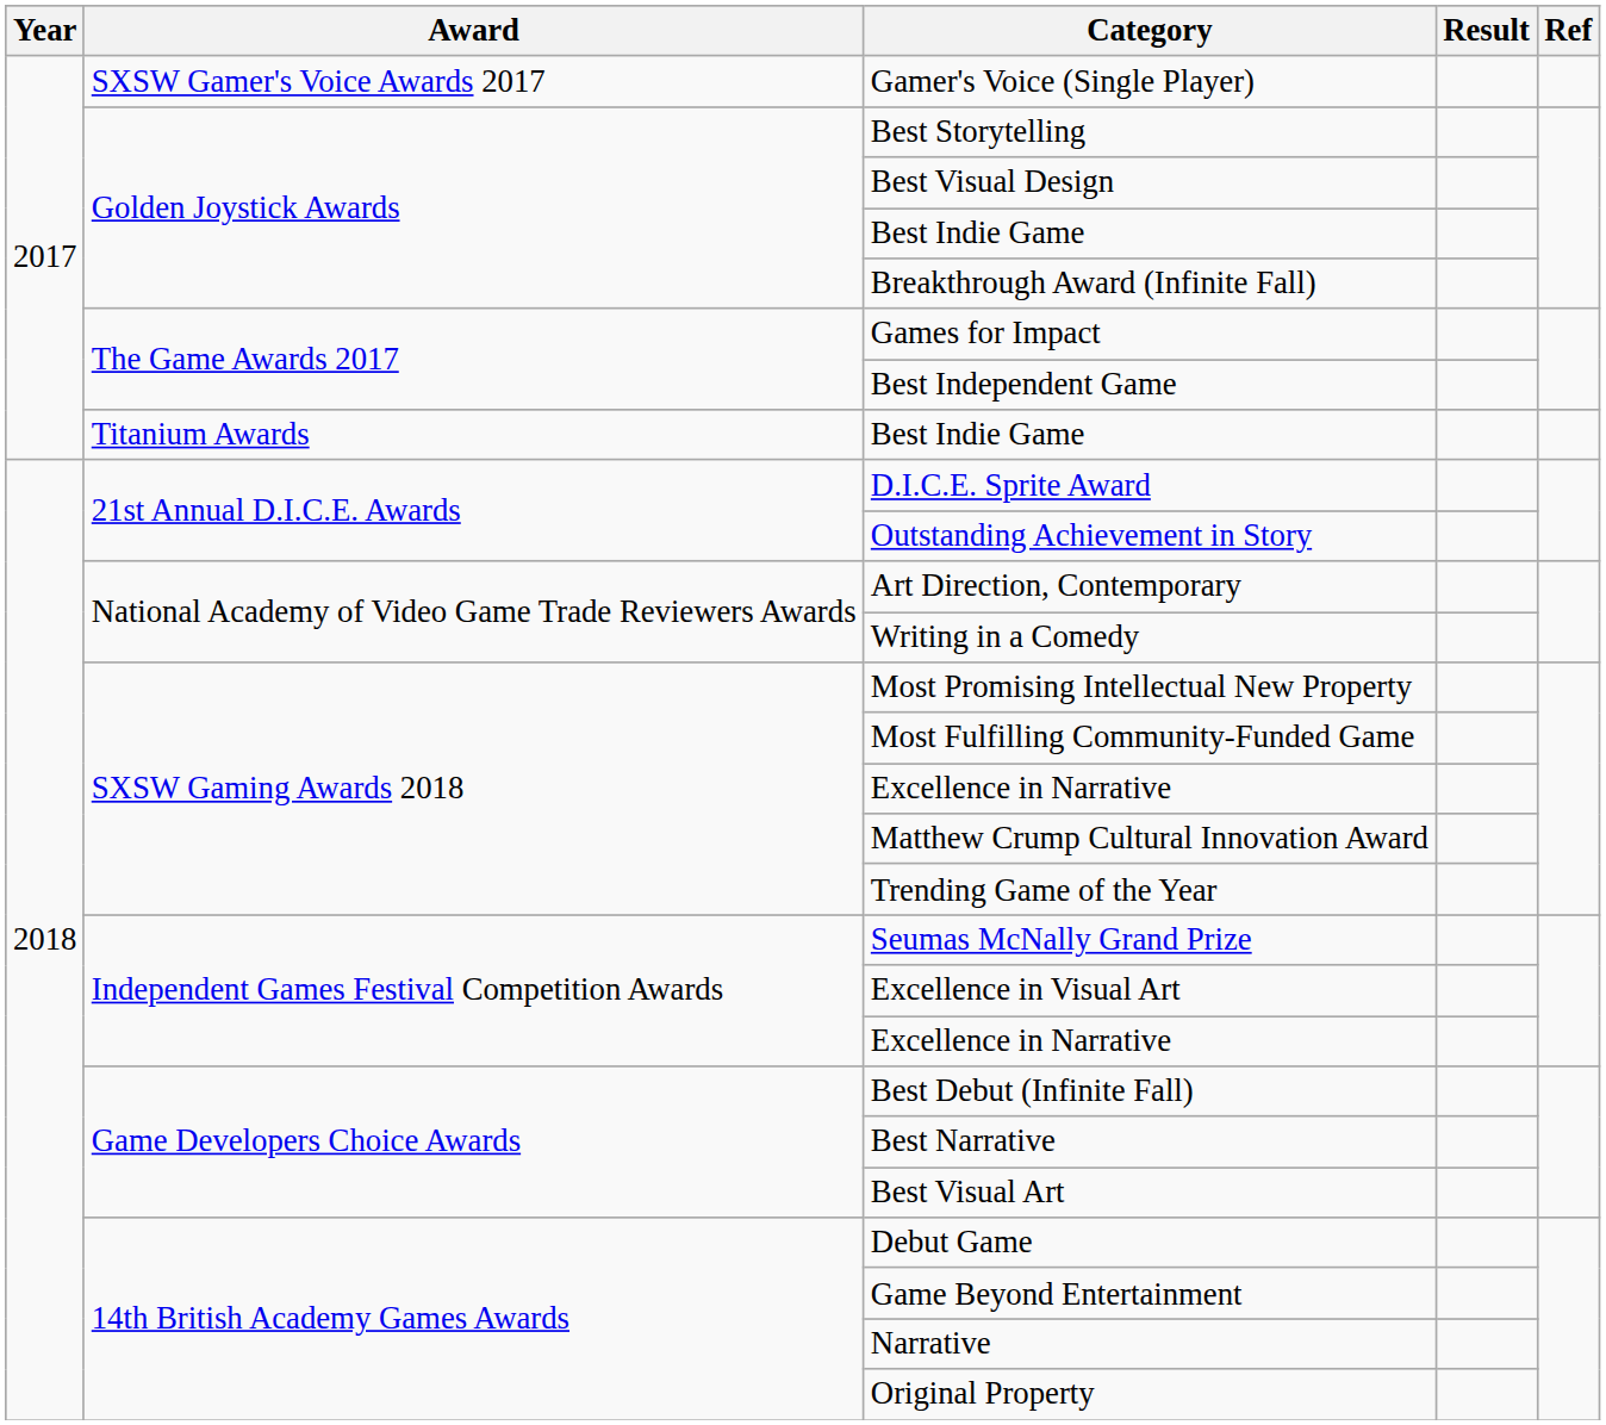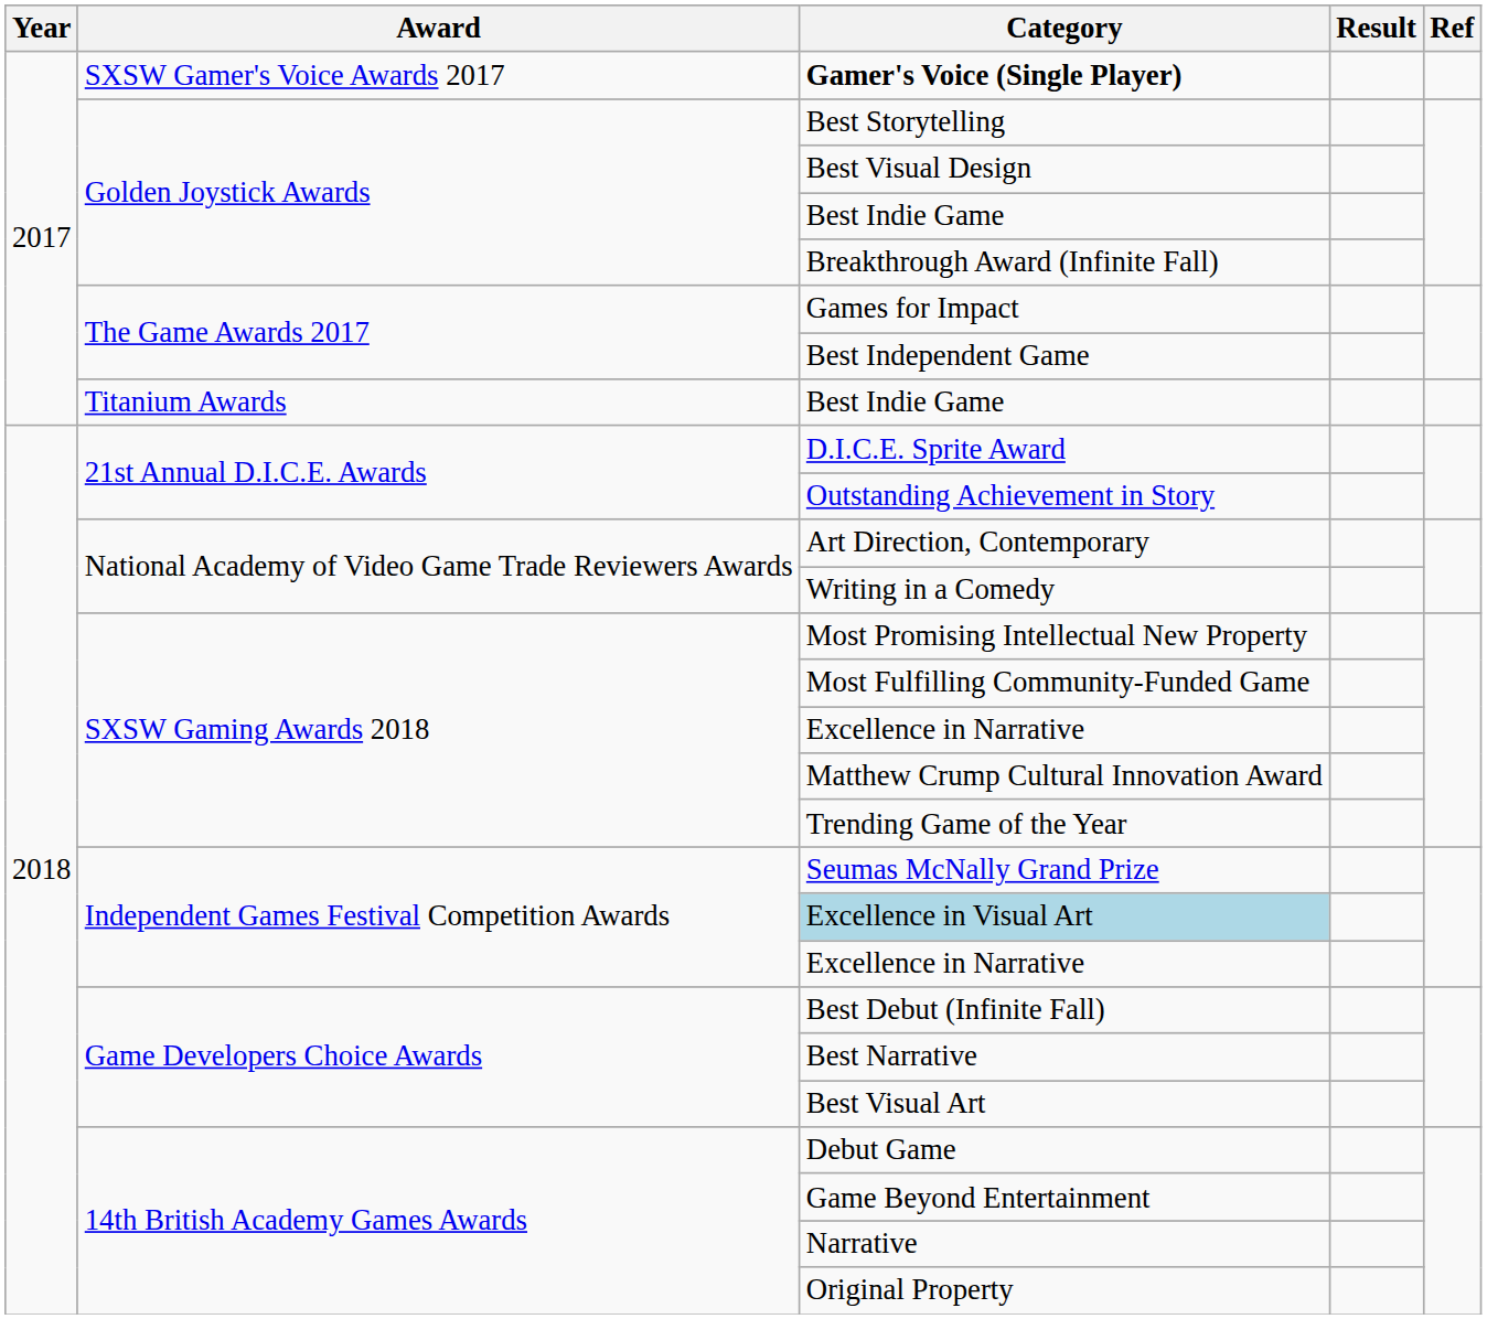 <table class="wikitable sortable">
 <tr>
 <th>Year</th>
 <th>Award</th>
 <th>Category</th>
 <th>Result</th>
 <th>Ref</th>
 </tr>
 <tr>
 <td rowspan="8" style="text-align:center;">2017</td>
 <td rowspan="1"><a href='#'>SXSW Gamer's Voice Awards</a> 2017</td>
-<td>Gamer's Voice (Single Player)</td>
+<td><strong>Gamer's Voice (Single Player)</strong></td>
 <td></td>
 <td rowspan="1" style="text-align:center;"></td>
 </tr>
 <tr>
 <td rowspan="4"><a href='#'>Golden Joystick Awards</a></td>
 <td>Best Storytelling</td>
 <td></td>
 <td rowspan="4" style="text-align:center;"></td>
 </tr>
 <tr>
 <td>Best Visual Design</td>
 <td></td>
 </tr>
 <tr>
 <td>Best Indie Game</td>
 <td></td>
 </tr>
 <tr>
 <td>Breakthrough Award (Infinite Fall)</td>
 <td></td>
 </tr>
 <tr>
 <td rowspan="2"><a href='#'>The Game Awards 2017</a></td>
 <td>Games for Impact</td>
 <td></td>
 <td rowspan="2" style="text-align:center;"></td>
 </tr>
 <tr>
 <td>Best Independent Game</td>
 <td></td>
 </tr>
 <tr>
 <td rowspan="1"><a href='#'>Titanium Awards</a></td>
 <td>Best Indie Game</td>
 <td></td>
 <td rowspan="1" style="text-align:center;"></td>
 </tr>
 <tr>
 <td rowspan="19" style="text-align:center;">2018</td>
 <td rowspan="2"><a href='#'>21st Annual D.I.C.E. Awards</a></td>
 <td><a href='#'>D.I.C.E. Sprite Award</a></td>
 <td></td>
 <td rowspan="2" style="text-align:center;"></td>
 </tr>
 <tr>
 <td><a href='#'>Outstanding Achievement in Story</a></td>
 <td></td>
 </tr>
 <tr>
 <td rowspan="2">National Academy of Video Game Trade Reviewers Awards</td>
 <td>Art Direction, Contemporary</td>
 <td></td>
 <td rowspan="2" style="text-align:center;"></td>
 </tr>
 <tr>
 <td>Writing in a Comedy</td>
 <td></td>
 </tr>
 <tr>
 <td rowspan="5"><a href='#'>SXSW Gaming Awards</a> 2018</td>
 <td>Most Promising Intellectual New Property</td>
 <td></td>
 <td rowspan="5" style="text-align:center;"></td>
 </tr>
 <tr>
 <td>Most Fulfilling Community-Funded Game</td>
 <td></td>
 </tr>
 <tr>
 <td>Excellence in Narrative</td>
 <td></td>
 </tr>
 <tr>
 <td>Matthew Crump Cultural Innovation Award</td>
 <td></td>
 </tr>
 <tr>
 <td>Trending Game of the Year</td>
 <td></td>
 </tr>
 <tr>
 <td rowspan="3"><a href='#'>Independent Games Festival</a> Competition Awards</td>
 <td><a href='#'>Seumas McNally Grand Prize</a></td>
 <td></td>
 <td rowspan="3" style="text-align:center;"></td>
 </tr>
 <tr>
-<td>Excellence in Visual Art</td>
+<td style="background: lightblue;">Excellence in Visual Art</td>
 <td></td>
 </tr>
 <tr>
 <td>Excellence in Narrative</td>
 <td></td>
 </tr>
 <tr>
 <td rowspan="3"><a href='#'>Game Developers Choice Awards</a></td>
 <td>Best Debut (Infinite Fall)</td>
 <td></td>
 <td rowspan="3" style="text-align:center;"></td>
 </tr>
 <tr>
 <td>Best Narrative</td>
 <td></td>
 </tr>
 <tr>
 <td>Best Visual Art</td>
 <td></td>
 </tr>
 <tr>
 <td rowspan="4"><a href='#'>14th British Academy Games Awards</a></td>
 <td>Debut Game</td>
 <td></td>
 <td rowspan="4" style="text-align:center;"></td>
 </tr>
 <tr>
 <td>Game Beyond Entertainment</td>
 <td></td>
 </tr>
 <tr>
 <td>Narrative</td>
 <td></td>
 </tr>
 <tr>
 <td>Original Property</td>
 <td></td>
 </tr>
 </table>
